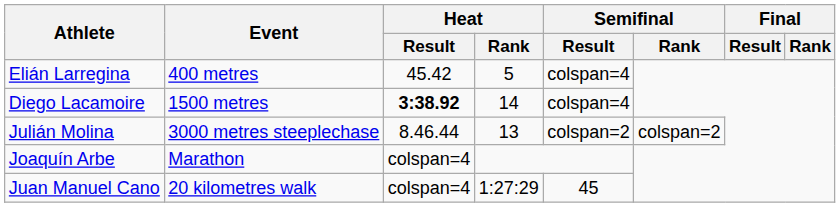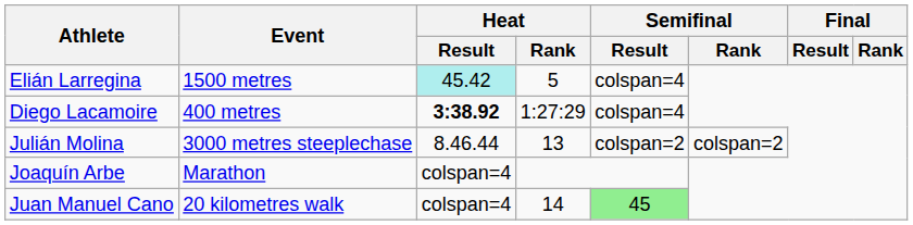 <table class="wikitable" style="font-size:90%">
 <tr>
 <th rowspan="2">Athlete</th>
 <th rowspan="2">Event</th>
 <th colspan="2">Heat</th>
 <th colspan="2">Semifinal</th>
 <th colspan="2">Final</th>
 </tr>
 <tr style="font-size:95%">
 <th>Result</th>
 <th>Rank</th>
 <th>Result</th>
 <th>Rank</th>
 <th>Result</th>
 <th>Rank</th>
 </tr>
 <tr align=center>
 <td align=left><a href='#'>Elián Larregina</a></td>
-<td align=left><a href='#'>400 metres</a></td>
-<td>45.42</td>
+<td align=left><a href='#'>1500 metres</a></td>
+<td style="background: paleturquoise;">45.42</td>
 <td>5</td>
 <td>colspan=4 </td>
 </tr>
 <tr align=center>
 <td align=left><a href='#'>Diego Lacamoire</a></td>
-<td align=left><a href='#'>1500 metres</a></td>
+<td align=left><a href='#'>400 metres</a></td>
 <td><strong>3:38.92 </strong></td>
-<td>14</td>
+<td>1:27:29</td>
 <td>colspan=4 </td>
 </tr>
 <tr align=center>
 <td align=left><a href='#'>Julián Molina</a></td>
 <td align=left><a href='#'>3000 metres steeplechase</a></td>
 <td>8.46.44</td>
 <td>13</td>
 <td>colspan=2</td>
 <td>colspan=2 </td>
 </tr>
 <tr align=center>
 <td align=left><a href='#'>Joaquín Arbe</a></td>
 <td align=left><a href='#'>Marathon</a></td>
 <td>colspan=4</td>
 <td colspan=2></td>
 </tr>
 <tr align=center>
 <td align=left><a href='#'>Juan Manuel Cano</a></td>
 <td align=left><a href='#'>20 kilometres walk</a></td>
 <td>colspan=4</td>
-<td>1:27:29</td>
-<td>45</td>
+<td>14</td>
+<td style="background: lightgreen;">45</td>
 </tr>
 </table>
